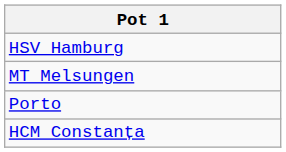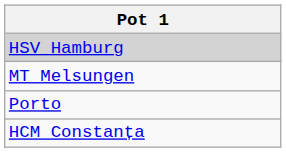 <table class="wikitable" style="float:left; margin-right:1em;">
 <tr>
 <th width=200>Pot 1</th>
 </tr>
 <tr>
-<td> <a href='#'>HSV Hamburg</a></td>
+<td style="background: lightgrey;"> <a href='#'>HSV Hamburg</a></td>
 </tr>
 <tr>
 <td> <a href='#'>MT Melsungen</a></td>
 </tr>
 <tr>
 <td> <a href='#'>Porto</a></td>
 </tr>
 <tr>
 <td> <a href='#'>HCM Constanța</a></td>
 </tr>
 </table>
